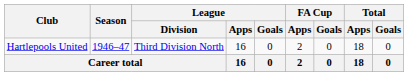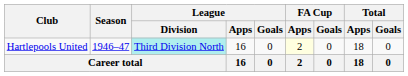 <table class="wikitable" style="text-align:center">
 <tr>
 <th rowspan="2">Club</th>
 <th rowspan="2">Season</th>
 <th colspan="3">League</th>
 <th colspan="2">FA Cup</th>
 <th colspan="2">Total</th>
 </tr>
 <tr>
 <th>Division</th>
 <th>Apps</th>
 <th>Goals</th>
 <th>Apps</th>
 <th>Goals</th>
 <th>Apps</th>
 <th>Goals</th>
 </tr>
 <tr>
 <td><a href='#'>Hartlepools United</a></td>
 <td><a href='#'>1946–47</a></td>
-<td><a href='#'>Third Division North</a></td>
+<td style="background: paleturquoise;"><a href='#'>Third Division North</a></td>
 <td>16</td>
 <td>0</td>
-<td>2</td>
+<td style="background: lightyellow;">2</td>
 <td>0</td>
 <td>18</td>
 <td>0</td>
 </tr>
 <tr>
 <th colspan="3">Career total</th>
 <th>16</th>
 <th>0</th>
 <th>2</th>
 <th>0</th>
 <th>18</th>
 <th>0</th>
 </tr>
 </table>
